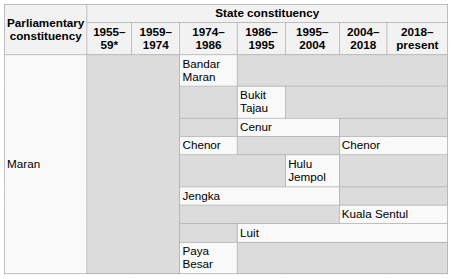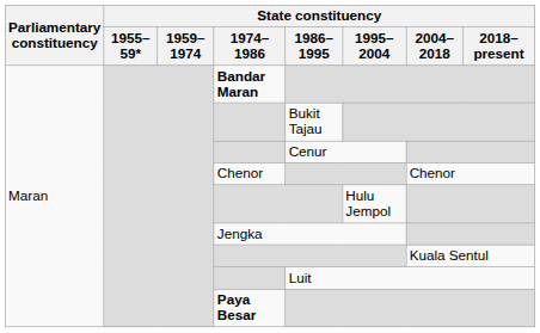 <table class="wikitable">
 <tr>
 <th rowspan="2">Parliamentary<br>constituency</th>
 <th colspan="7">State constituency</th>
 </tr>
 <tr>
 <th>1955–59*</th>
 <th>1959–1974</th>
 <th>1974–1986</th>
 <th>1986–1995</th>
 <th>1995–2004</th>
 <th>2004–2018</th>
 <th>2018–present</th>
 </tr>
 <tr>
 <td rowspan="9">Maran</td>
 <td colspan="2" rowspan="9" bgcolor="dcdcdc"></td>
-<td>Bandar Maran</td>
+<td><strong>Bandar Maran</strong></td>
 <td colspan="4" bgcolor="dcdcdc"></td>
 </tr>
 <tr>
 <td bgcolor="dcdcdc"></td>
 <td>Bukit Tajau</td>
 <td colspan="3" bgcolor="dcdcdc"></td>
 </tr>
 <tr>
 <td bgcolor="dcdcdc"></td>
 <td colspan="2">Cenur</td>
 <td colspan="2" bgcolor="dcdcdc"></td>
 </tr>
 <tr>
 <td>Chenor</td>
 <td colspan="2" bgcolor="dcdcdc"></td>
 <td colspan="2">Chenor</td>
 </tr>
 <tr>
 <td colspan="2" bgcolor="dcdcdc"></td>
 <td>Hulu Jempol</td>
 <td colspan="2" bgcolor="dcdcdc"></td>
 </tr>
 <tr>
 <td colspan="3">Jengka</td>
 <td colspan="2" bgcolor="dcdcdc"></td>
 </tr>
 <tr>
 <td colspan="3" bgcolor="dcdcdc"></td>
 <td colspan="2">Kuala Sentul</td>
 </tr>
 <tr>
 <td bgcolor="dcdcdc"></td>
 <td colspan="4">Luit</td>
 </tr>
 <tr>
-<td>Paya Besar</td>
+<td><strong>Paya Besar</strong></td>
 <td colspan="4" bgcolor="dcdcdc"></td>
 </tr>
 </table>
